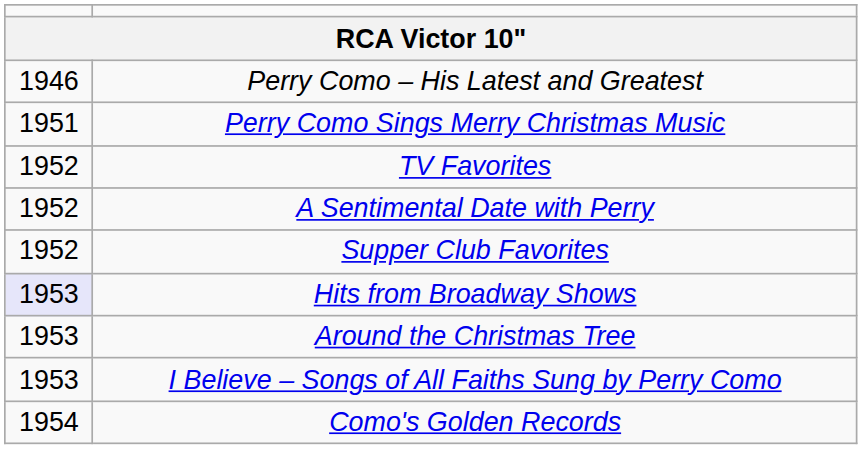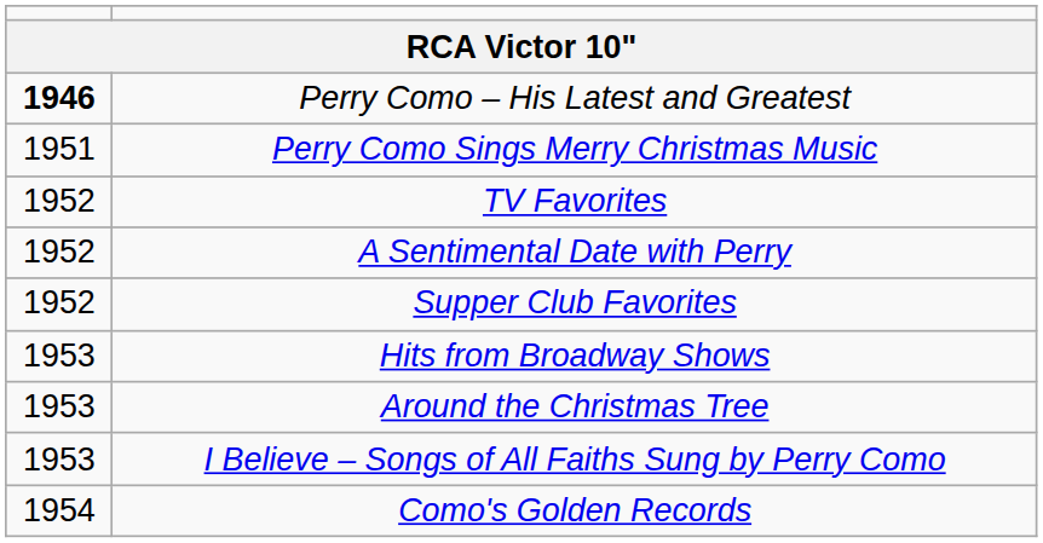 <table class="wikitable" align="center" style="text-align:center; width:500; border:1">
 <tr>
 <td></td>
 </tr>
 <tr>
 <th width="500" colspan=2>RCA Victor 10"</th>
 </tr>
 <tr>
-<td>1946</td>
+<td><strong>1946</strong></td>
 <td><em>Perry Como – His Latest and Greatest</em></td>
 </tr>
 <tr>
 <td>1951</td>
 <td><em><a href='#'>Perry Como Sings Merry Christmas Music</a></em></td>
 </tr>
 <tr>
 <td>1952</td>
 <td><em><a href='#'>TV Favorites</a></em></td>
 </tr>
 <tr>
 <td>1952</td>
 <td><em><a href='#'>A Sentimental Date with Perry</a></em></td>
 </tr>
 <tr>
 <td>1952</td>
 <td><em><a href='#'>Supper Club Favorites</a></em></td>
 </tr>
 <tr>
-<td style="background: lavender;">1953</td>
+<td>1953</td>
 <td><em><a href='#'>Hits from Broadway Shows</a></em></td>
 </tr>
 <tr>
 <td>1953</td>
 <td><em><a href='#'>Around the Christmas Tree</a></em></td>
 </tr>
 <tr>
 <td>1953</td>
 <td><em><a href='#'>I Believe – Songs of All Faiths Sung by Perry Como</a></em></td>
 </tr>
 <tr>
 <td>1954</td>
 <td><em><a href='#'>Como's Golden Records</a></em></td>
 </tr>
 </table>
